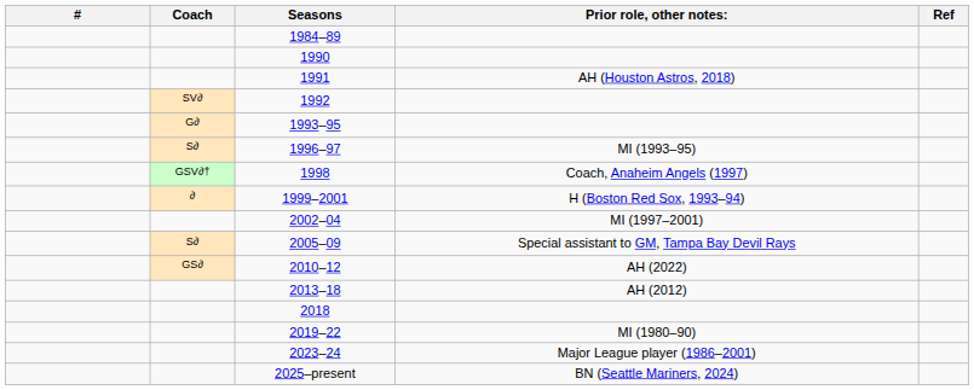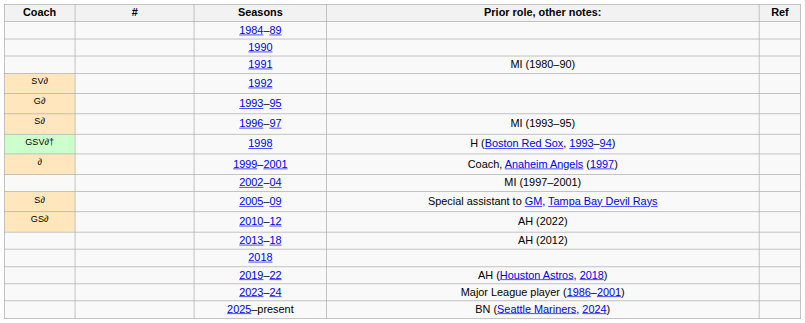 <table class="wikitable sortable" style="text-align:center; width:74%">
 <tr>
+<th>Coach</th>
 <th width="15%">#</th>
-<th>Coach</th>
 <th>Seasons</th>
 <th class="unsortable">Prior role, other notes:</th>
 <th class="unsortable">Ref</th>
 </tr>
 <tr>
 <td></td>
 <td></td>
 <td><a href='#'>1984</a>–<a href='#'>89</a></td>
 <td></td>
 <td></td>
 </tr>
 <tr>
 <td></td>
 <td></td>
 <td><a href='#'>1990</a></td>
 <td></td>
 <td></td>
 </tr>
 <tr>
 <td></td>
 <td></td>
 <td><a href='#'>1991</a></td>
-<td>AH (<a href='#'>Houston Astros</a>, <a href='#'>2018</a>)</td>
+<td>MI (1980–90)</td>
 <td></td>
 </tr>
 <tr>
+<td style="background-color:#ffe6bd"> <sup>SV∂</sup></td>
 <td></td>
-<td style="background-color:#ffe6bd"> <sup>SV∂</sup></td>
 <td><a href='#'>1992</a></td>
 <td></td>
 <td></td>
 </tr>
 <tr>
+<td style="background-color:#ffe6bd"> <sup>G∂</sup></td>
 <td></td>
-<td style="background-color:#ffe6bd"> <sup>G∂</sup></td>
 <td><a href='#'>1993</a>–<a href='#'>95</a></td>
 <td></td>
 <td></td>
 </tr>
 <tr>
+<td style="background-color:#ffe6bd"> <sup>S∂</sup></td>
 <td></td>
-<td style="background-color:#ffe6bd"> <sup>S∂</sup></td>
 <td><a href='#'>1996</a>–<a href='#'>97</a></td>
 <td>MI (1993–95)</td>
 <td></td>
 </tr>
 <tr>
+<td style="background-color:#ccffcc"> <sup>GSV∂†</sup></td>
 <td></td>
-<td style="background-color:#ccffcc"> <sup>GSV∂†</sup></td>
 <td><a href='#'>1998</a></td>
-<td>Coach, <a href='#'>Anaheim Angels</a> (<a href='#'>1997</a>)</td>
+<td>H (<a href='#'>Boston Red Sox</a>, <a href='#'>1993</a>–<a href='#'>94</a>)</td>
 <td></td>
 </tr>
 <tr>
+<td style="background-color:#ffe6bd"> <sup>∂</sup></td>
 <td></td>
-<td style="background-color:#ffe6bd"> <sup>∂</sup></td>
 <td><a href='#'>1999</a>–<a href='#'>2001</a></td>
-<td>H (<a href='#'>Boston Red Sox</a>, <a href='#'>1993</a>–<a href='#'>94</a>)</td>
+<td>Coach, <a href='#'>Anaheim Angels</a> (<a href='#'>1997</a>)</td>
 <td></td>
 </tr>
 <tr>
 <td></td>
 <td></td>
 <td><a href='#'>2002</a>–<a href='#'>04</a></td>
 <td>MI (1997–2001)</td>
 <td></td>
 </tr>
 <tr>
+<td style="background-color:#ffe6bd"> <sup>S∂</sup></td>
 <td></td>
-<td style="background-color:#ffe6bd"> <sup>S∂</sup></td>
 <td><a href='#'>2005</a>–<a href='#'>09</a></td>
 <td>Special assistant to <a href='#'>GM</a>, <a href='#'>Tampa Bay Devil Rays</a></td>
 <td></td>
 </tr>
 <tr>
+<td style="background-color:#ffe6bd"> <sup>GS∂</sup></td>
 <td></td>
-<td style="background-color:#ffe6bd"> <sup>GS∂</sup></td>
 <td><a href='#'>2010</a>–<a href='#'>12</a></td>
 <td>AH (2022)</td>
 <td></td>
 </tr>
 <tr>
 <td></td>
 <td></td>
 <td><a href='#'>2013</a>–<a href='#'>18</a></td>
 <td>AH (2012)</td>
 <td></td>
 </tr>
 <tr>
 <td></td>
 <td></td>
 <td><a href='#'>2018</a></td>
 <td></td>
 <td></td>
 </tr>
 <tr>
 <td></td>
 <td></td>
 <td><a href='#'>2019</a>–<a href='#'>22</a></td>
-<td>MI (1980–90)</td>
+<td>AH (<a href='#'>Houston Astros</a>, <a href='#'>2018</a>)</td>
 <td></td>
 </tr>
 <tr>
 <td></td>
 <td></td>
 <td><a href='#'>2023</a>–<a href='#'>24</a></td>
 <td>Major League player (<a href='#'>1986</a>–<a href='#'>2001</a>)</td>
 <td></td>
 </tr>
 <tr>
 <td></td>
 <td></td>
 <td><a href='#'>2025</a>–present</td>
 <td>BN (<a href='#'>Seattle Mariners</a>, <a href='#'>2024</a>)</td>
 <td></td>
 </tr>
 </table>
